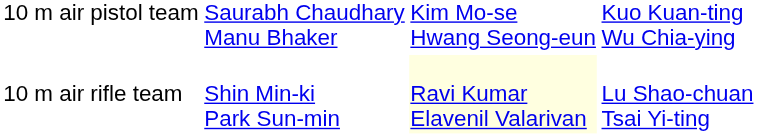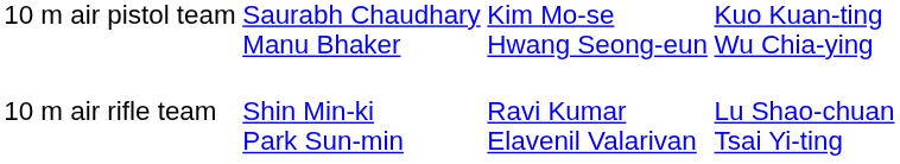 <table>
 <tr>
 <td>10 m air pistol team</td>
 <td><br><a href='#'>Saurabh Chaudhary</a><br><a href='#'>Manu Bhaker</a></td>
 <td><br><a href='#'>Kim Mo-se</a><br><a href='#'>Hwang Seong-eun</a></td>
 <td><br><a href='#'>Kuo Kuan-ting</a><br><a href='#'>Wu Chia-ying</a></td>
 </tr>
 <tr>
 <td>10 m air rifle team</td>
 <td><br><a href='#'>Shin Min-ki</a><br><a href='#'>Park Sun-min</a></td>
-<td style="background: lightyellow;"><br><a href='#'>Ravi Kumar</a><br><a href='#'>Elavenil Valarivan</a></td>
+<td><br><a href='#'>Ravi Kumar</a><br><a href='#'>Elavenil Valarivan</a></td>
 <td><br><a href='#'>Lu Shao-chuan</a><br><a href='#'>Tsai Yi-ting</a></td>
 </tr>
 </table>
